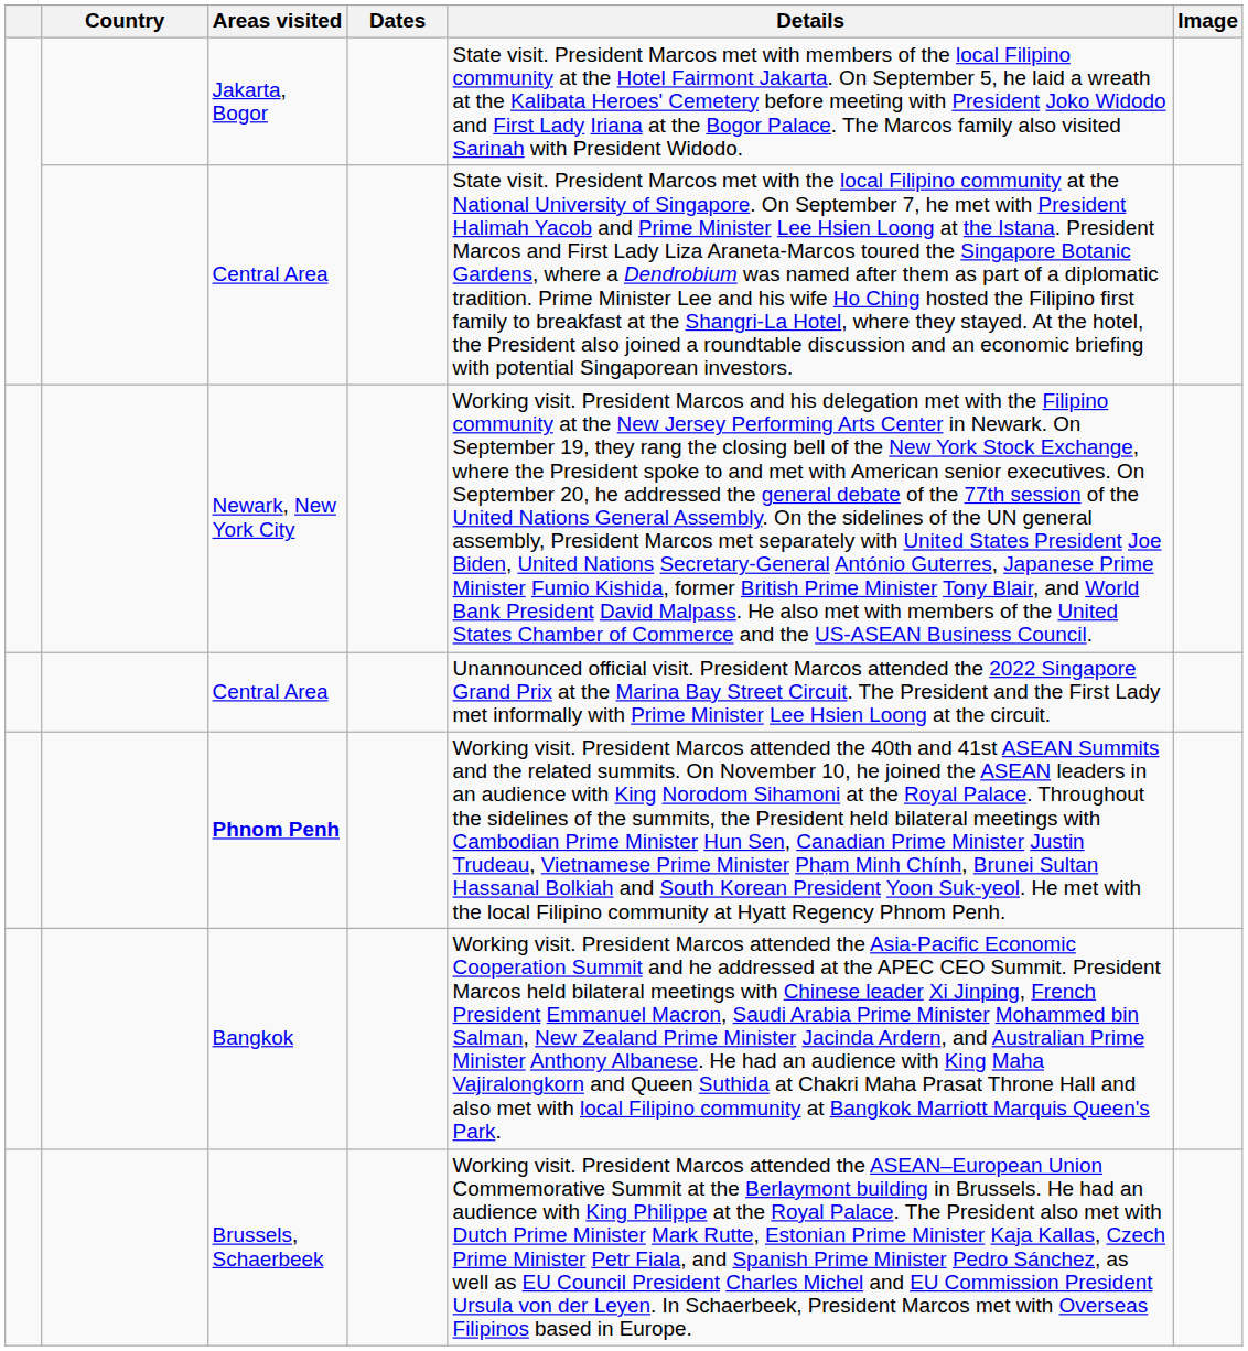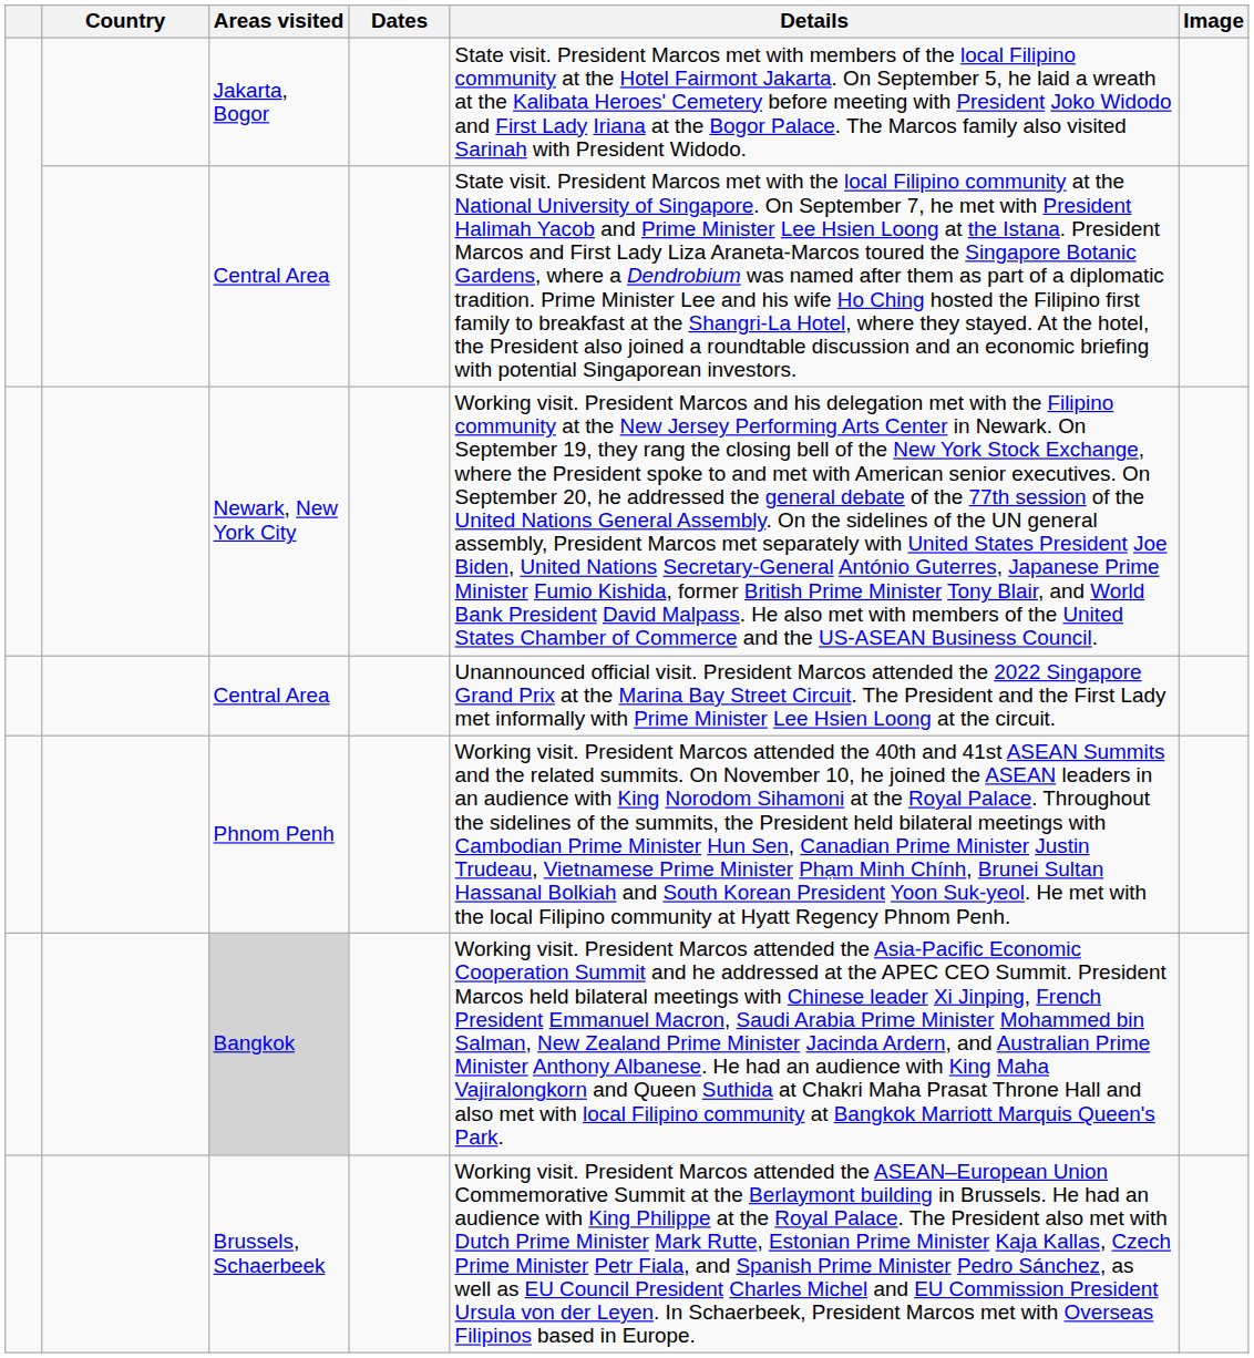 <table class="wikitable sortable" style="margin: 1em auto 1em auto">
 <tr>
 <th style="width: 3%;"></th>
 <th width=120>Country</th>
 <th width=100>Areas visited</th>
 <th width=70>Dates</th>
 <th width=550>Details</th>
 <th class="unsortable">Image</th>
 </tr>
 <tr>
 <td rowspan="2"></td>
 <td></td>
 <td><a href='#'>Jakarta</a>, <a href='#'>Bogor</a></td>
 <td></td>
 <td>State visit. President Marcos met with members of the <a href='#'>local Filipino community</a> at the <a href='#'>Hotel Fairmont Jakarta</a>. On September 5, he laid a wreath at the <a href='#'>Kalibata Heroes' Cemetery</a> before meeting with <a href='#'>President</a> <a href='#'>Joko Widodo</a> and <a href='#'>First Lady</a> <a href='#'>Iriana</a> at the <a href='#'>Bogor Palace</a>. The Marcos family also visited <a href='#'>Sarinah</a> with President Widodo.</td>
 <td></td>
 </tr>
 <tr>
 <td></td>
 <td><a href='#'>Central Area</a></td>
 <td></td>
 <td>State visit. President Marcos met with the <a href='#'>local Filipino community</a> at the <a href='#'>National University of Singapore</a>. On September 7, he met with <a href='#'>President</a> <a href='#'>Halimah Yacob</a> and <a href='#'>Prime Minister</a> <a href='#'>Lee Hsien Loong</a> at <a href='#'>the Istana</a>. President Marcos and First Lady Liza Araneta-Marcos toured the <a href='#'>Singapore Botanic Gardens</a>, where a <em><a href='#'>Dendrobium</a></em> was named after them as part of a diplomatic tradition. Prime Minister Lee and his wife <a href='#'>Ho Ching</a> hosted the Filipino first family to breakfast at the <a href='#'>Shangri-La Hotel</a>, where they stayed. At the hotel, the President also joined a roundtable discussion and an economic briefing with potential Singaporean investors.</td>
 <td></td>
 </tr>
 <tr>
 <td></td>
 <td></td>
 <td><a href='#'>Newark</a>, <a href='#'>New York City</a></td>
 <td></td>
 <td>Working visit. President Marcos and his delegation met with the <a href='#'>Filipino community</a> at the <a href='#'>New Jersey Performing Arts Center</a> in Newark. On September 19, they rang the closing bell of the <a href='#'>New York Stock Exchange</a>, where the President spoke to and met with American senior executives. On September 20, he addressed the <a href='#'>general debate</a> of the <a href='#'>77th session</a> of the <a href='#'>United Nations General Assembly</a>. On the sidelines of the UN general assembly, President Marcos met separately with <a href='#'>United States President</a> <a href='#'>Joe Biden</a>, <a href='#'>United Nations</a> <a href='#'>Secretary-General</a> <a href='#'>António Guterres</a>, <a href='#'>Japanese Prime Minister</a> <a href='#'>Fumio Kishida</a>, former <a href='#'>British Prime Minister</a> <a href='#'>Tony Blair</a>, and <a href='#'>World Bank President</a> <a href='#'>David Malpass</a>. He also met with members of the <a href='#'>United States Chamber of Commerce</a> and the <a href='#'>US-ASEAN Business Council</a>.</td>
 <td></td>
 </tr>
 <tr>
 <td></td>
 <td></td>
 <td><a href='#'>Central Area</a></td>
 <td></td>
 <td>Unannounced official visit. President Marcos attended the <a href='#'>2022 Singapore Grand Prix</a> at the <a href='#'>Marina Bay Street Circuit</a>. The President and the First Lady met informally with <a href='#'>Prime Minister</a> <a href='#'>Lee Hsien Loong</a> at the circuit.</td>
 <td></td>
 </tr>
 <tr>
 <td></td>
 <td></td>
-<td><strong><a href='#'>Phnom Penh</a></strong></td>
+<td><a href='#'>Phnom Penh</a></td>
 <td></td>
 <td>Working visit. President Marcos attended the 40th and 41st <a href='#'>ASEAN Summits</a> and the related summits. On November 10, he joined the <a href='#'>ASEAN</a> leaders in an audience with <a href='#'>King</a> <a href='#'>Norodom Sihamoni</a> at the <a href='#'>Royal Palace</a>. Throughout the sidelines of the summits, the President held bilateral meetings with <a href='#'>Cambodian Prime Minister</a> <a href='#'>Hun Sen</a>, <a href='#'>Canadian Prime Minister</a> <a href='#'>Justin Trudeau</a>, <a href='#'>Vietnamese Prime Minister</a> <a href='#'>Phạm Minh Chính</a>, <a href='#'>Brunei Sultan</a> <a href='#'>Hassanal Bolkiah</a> and <a href='#'>South Korean President</a> <a href='#'>Yoon Suk-yeol</a>. He met with the local Filipino community at Hyatt Regency Phnom Penh.</td>
 <td></td>
 </tr>
 <tr>
 <td></td>
 <td></td>
-<td><a href='#'>Bangkok</a></td>
+<td style="background: lightgrey;"><a href='#'>Bangkok</a></td>
 <td></td>
 <td>Working visit. President Marcos attended the <a href='#'>Asia-Pacific Economic Cooperation Summit</a> and he addressed at the APEC CEO Summit. President Marcos held bilateral meetings with <a href='#'>Chinese leader</a> <a href='#'>Xi Jinping</a>, <a href='#'>French President</a> <a href='#'>Emmanuel Macron</a>, <a href='#'>Saudi Arabia Prime Minister</a> <a href='#'>Mohammed bin Salman</a>, <a href='#'>New Zealand Prime Minister</a> <a href='#'>Jacinda Ardern</a>, and <a href='#'>Australian Prime Minister</a> <a href='#'>Anthony Albanese</a>. He had an audience with <a href='#'>King</a> <a href='#'>Maha Vajiralongkorn</a> and Queen <a href='#'>Suthida</a> at Chakri Maha Prasat Throne Hall and also met with <a href='#'>local Filipino community</a> at <a href='#'>Bangkok Marriott Marquis Queen's Park</a>.</td>
 <td></td>
 </tr>
 <tr>
 <td></td>
 <td></td>
 <td><a href='#'>Brussels</a>, <a href='#'>Schaerbeek</a></td>
 <td></td>
 <td>Working visit. President Marcos attended the <a href='#'>ASEAN–European Union</a> Commemorative Summit at the <a href='#'>Berlaymont building</a> in Brussels. He had an audience with <a href='#'>King Philippe</a> at the <a href='#'>Royal Palace</a>. The President also met with <a href='#'>Dutch Prime Minister</a> <a href='#'>Mark Rutte</a>, <a href='#'>Estonian Prime Minister</a> <a href='#'>Kaja Kallas</a>, <a href='#'>Czech Prime Minister</a> <a href='#'>Petr Fiala</a>, and <a href='#'>Spanish Prime Minister</a> <a href='#'>Pedro Sánchez</a>, as well as <a href='#'>EU Council President</a> <a href='#'>Charles Michel</a> and <a href='#'>EU Commission President</a> <a href='#'>Ursula von der Leyen</a>. In Schaerbeek, President Marcos met with <a href='#'>Overseas Filipinos</a> based in Europe.</td>
 <td></td>
 </tr>
 </table>
